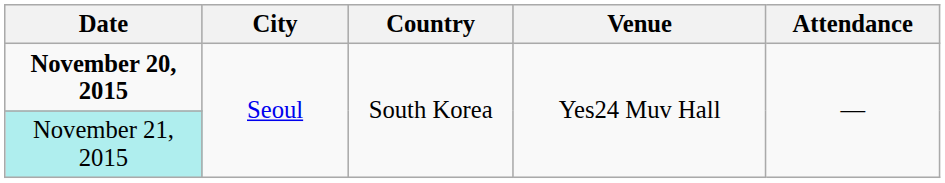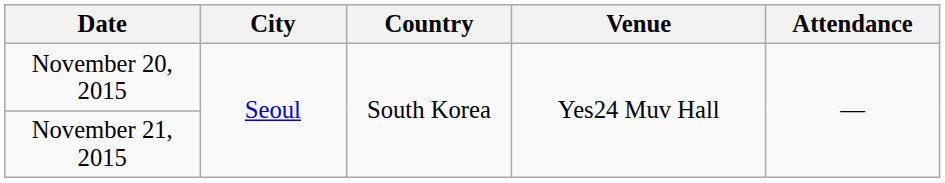 <table class="wikitable" style="text-align:center;">
 <tr>
 <th scope="col" style="width:12em">Date</th>
 <th scope="col" style="width:10em">City</th>
 <th scope="col" style="width:10em">Country</th>
 <th scope="col" style="width:20em">Venue</th>
 <th scope="col" style="width:9em">Attendance</th>
 </tr>
 <tr>
-<td><strong>November 20, 2015</strong></td>
+<td>November 20, 2015</td>
 <td rowspan=2><a href='#'>Seoul</a></td>
 <td rowspan=2>South Korea</td>
 <td rowspan=2>Yes24 Muv Hall</td>
 <td rowspan=2>—</td>
 </tr>
 <tr>
-<td style="background: paleturquoise;">November 21, 2015</td>
+<td>November 21, 2015</td>
 </tr>
 </table>
